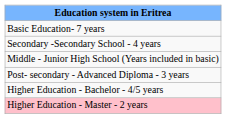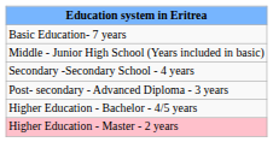 <table class="wikitable" style="float: right; margin-center: 10px"}>
 <tr>
 <th scope="col" style="background:#77B5FE;">Education system in Eritrea</th>
 </tr>
 <tr>
 <td>Basic Education- 7 years</td>
 </tr>
 <tr>
-<td>Secondary -Secondary School - 4 years</td>
+<td>Middle - Junior High School (Years included in basic)</td>
 </tr>
 <tr>
-<td>Middle - Junior High School (Years included in basic)</td>
+<td>Secondary -Secondary School - 4 years</td>
 </tr>
 <tr>
 <td>Post- secondary - Advanced Diploma - 3 years</td>
 </tr>
 <tr>
 <td>Higher Education  - Bachelor - 4/5 years</td>
 </tr>
 <tr>
 <td style="background: pink;">Higher Education - Master - 2 years</td>
 </tr>
 </table>
